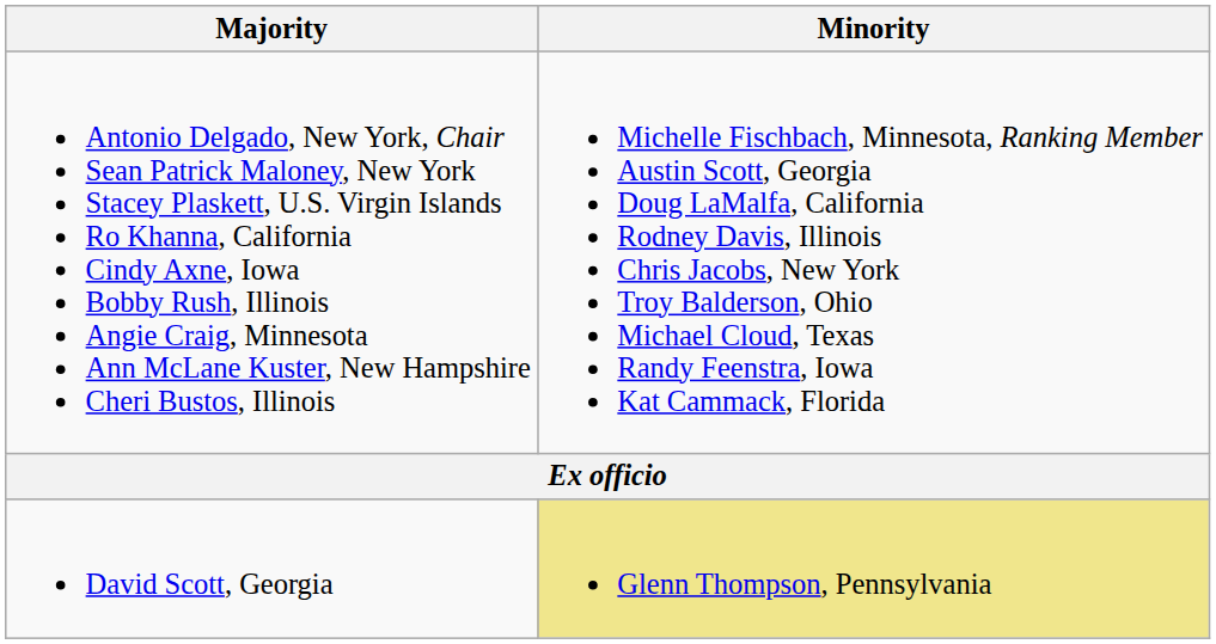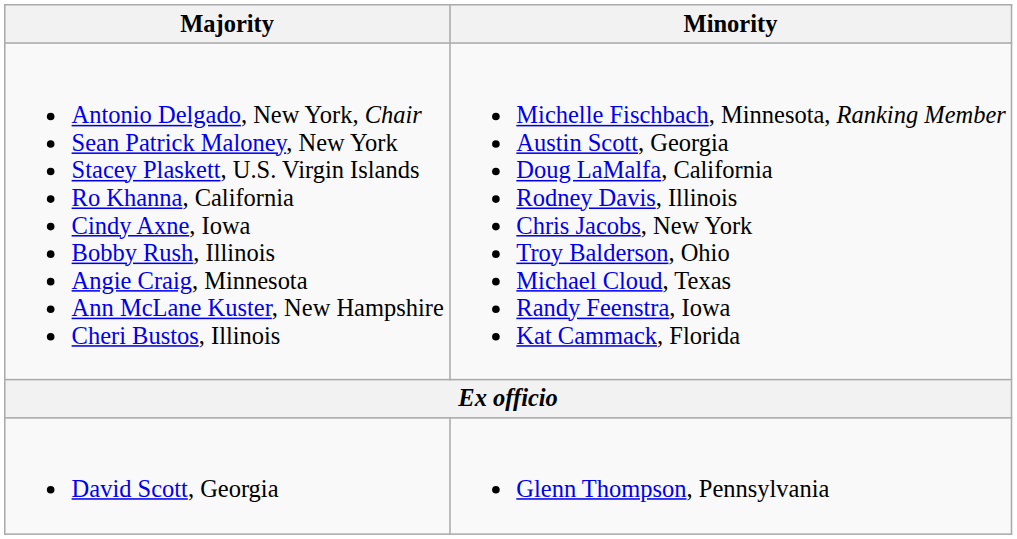 <table class=wikitable>
 <tr>
 <th>Majority</th>
 <th>Minority</th>
 </tr>
 <tr>
 <td><br><ul><li><a href='#'>Antonio Delgado</a>, New York, <em>Chair</em></li><li><a href='#'>Sean Patrick Maloney</a>, New York</li><li><a href='#'>Stacey Plaskett</a>, U.S. Virgin Islands</li><li><a href='#'>Ro Khanna</a>, California</li><li><a href='#'>Cindy Axne</a>, Iowa</li><li><a href='#'>Bobby Rush</a>, Illinois</li><li><a href='#'>Angie Craig</a>, Minnesota</li><li><a href='#'>Ann McLane Kuster</a>, New Hampshire</li><li><a href='#'>Cheri Bustos</a>, Illinois</li></ul></td>
 <td><br><ul><li><a href='#'>Michelle Fischbach</a>, Minnesota, <em>Ranking Member</em></li><li><a href='#'>Austin Scott</a>, Georgia</li><li><a href='#'>Doug LaMalfa</a>, California</li><li><a href='#'>Rodney Davis</a>, Illinois</li><li><a href='#'>Chris Jacobs</a>, New York</li><li><a href='#'>Troy Balderson</a>, Ohio</li><li><a href='#'>Michael Cloud</a>, Texas</li><li><a href='#'>Randy Feenstra</a>, Iowa</li><li><a href='#'>Kat Cammack</a>, Florida</li></ul></td>
 </tr>
 <tr>
 <th colspan=2><em>Ex officio</em></th>
 </tr>
 <tr>
 <td><br><ul><li><a href='#'>David Scott</a>, Georgia</li></ul></td>
-<td style="background: khaki;"><br><ul><li><a href='#'>Glenn Thompson</a>, Pennsylvania</li></ul></td>
+<td><br><ul><li><a href='#'>Glenn Thompson</a>, Pennsylvania</li></ul></td>
 </tr>
 </table>
